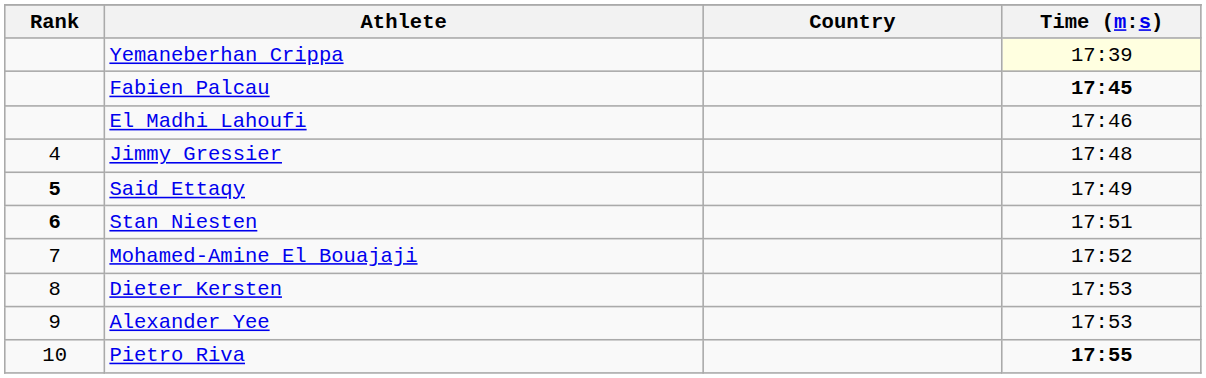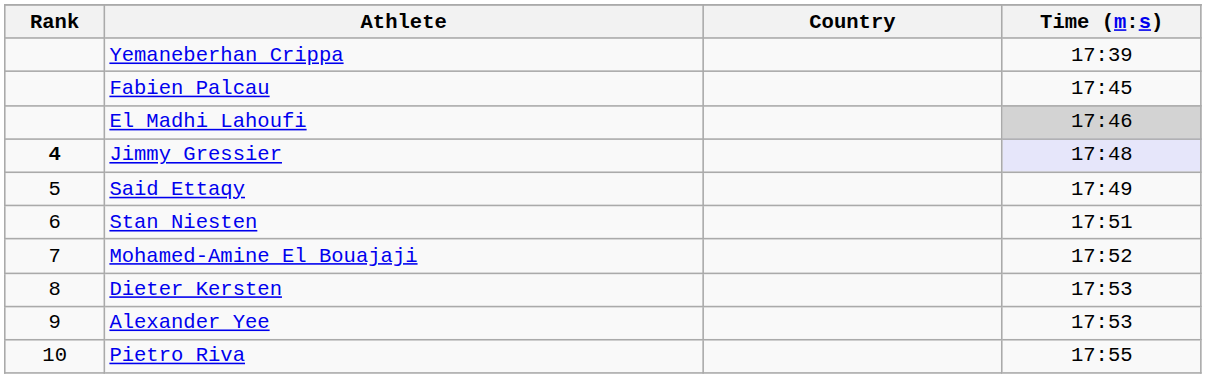 <table class="wikitable" style="text-align:center;" width="60%">
 <tr>
 </tr>
 <tr>
 <th width=5%>Rank</th>
 <th width=30%>Athlete</th>
 <th width=15%>Country</th>
 <th width=10%>Time (<a href='#'>m</a>:<a href='#'>s</a>)</th>
 </tr>
 <tr>
 <td></td>
 <td align="left"><a href='#'>Yemaneberhan Crippa</a></td>
 <td align="left"></td>
-<td style="background: lightyellow;">17:39</td>
+<td>17:39</td>
 </tr>
 <tr>
 <td></td>
 <td align="left"><a href='#'>Fabien Palcau</a></td>
 <td align="left"></td>
-<td><strong>17:45</strong></td>
+<td>17:45</td>
 </tr>
 <tr>
 <td></td>
 <td align="left"><a href='#'>El Madhi Lahoufi</a></td>
 <td align="left"></td>
-<td>17:46</td>
+<td style="background: lightgrey;">17:46</td>
 </tr>
 <tr>
-<td>4</td>
+<td><strong>4</strong></td>
 <td align="left"><a href='#'>Jimmy Gressier</a></td>
 <td align="left"></td>
-<td>17:48</td>
+<td style="background: lavender;">17:48</td>
 </tr>
 <tr>
-<td><strong>5</strong></td>
+<td>5</td>
 <td align="left"><a href='#'>Said Ettaqy</a></td>
 <td align="left"></td>
 <td>17:49</td>
 </tr>
 <tr>
-<td><strong>6</strong></td>
+<td>6</td>
 <td align="left"><a href='#'>Stan Niesten</a></td>
 <td align="left"></td>
 <td>17:51</td>
 </tr>
 <tr>
 <td>7</td>
 <td align="left"><a href='#'>Mohamed-Amine El Bouajaji</a></td>
 <td align="left"></td>
 <td>17:52</td>
 </tr>
 <tr>
 <td>8</td>
 <td align="left"><a href='#'>Dieter Kersten</a></td>
 <td align="left"></td>
 <td>17:53</td>
 </tr>
 <tr>
 <td>9</td>
 <td align="left"><a href='#'>Alexander Yee</a></td>
 <td align="left"></td>
 <td>17:53</td>
 </tr>
 <tr>
 <td>10</td>
 <td align="left"><a href='#'>Pietro Riva</a></td>
 <td align="left"></td>
-<td><strong>17:55</strong></td>
+<td>17:55</td>
 </tr>
 </table>
